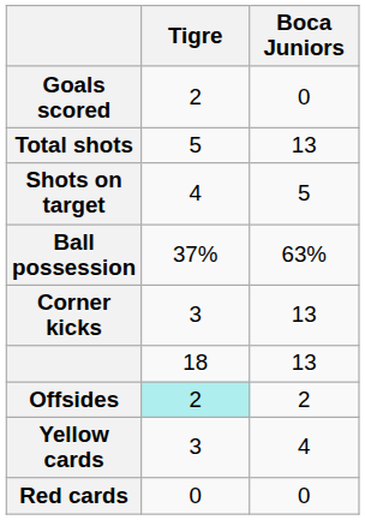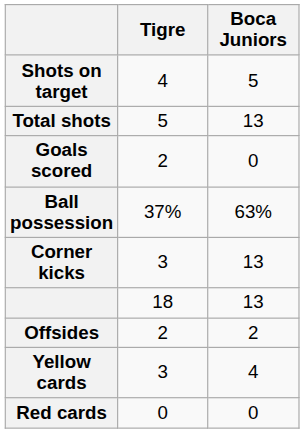 <table class="wikitable" style="text-align: center; margin: 0 auto;">
 <tr>
 <th scope="col" style="width:70px"></th>
 <th scope="col" style="width:70px">Tigre</th>
 <th scope="col" style="width:70px">Boca Juniors</th>
 </tr>
 <tr>
-<th scope=row>Goals scored</th>
-<td>2</td>
-<td>0</td>
+<th scope=row>Shots on target</th>
+<td>4</td>
+<td>5</td>
 </tr>
 <tr>
 <th scope=row>Total shots</th>
 <td>5</td>
 <td>13</td>
 </tr>
 <tr>
-<th scope=row>Shots on target</th>
-<td>4</td>
-<td>5</td>
+<th scope=row>Goals scored</th>
+<td>2</td>
+<td>0</td>
 </tr>
 <tr>
 <th scope=row>Ball possession</th>
 <td>37%</td>
 <td>63%</td>
 </tr>
 <tr>
 <th scope=row>Corner kicks</th>
 <td>3</td>
 <td>13</td>
 </tr>
 <tr>
 <th scope=row></th>
 <td>18</td>
 <td>13</td>
 </tr>
 <tr>
 <th scope=row>Offsides</th>
-<td style="background: paleturquoise;">2</td>
+<td>2</td>
 <td>2</td>
 </tr>
 <tr>
 <th scope=row>Yellow cards</th>
 <td>3</td>
 <td>4</td>
 </tr>
 <tr>
 <th scope=row>Red cards</th>
 <td>0</td>
 <td>0</td>
 </tr>
 </table>
